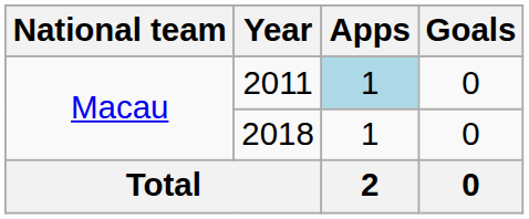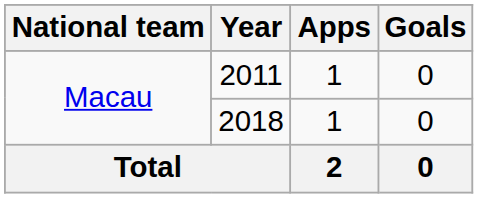 <table class="wikitable" style="text-align:center">
 <tr>
 <th>National team</th>
 <th>Year</th>
 <th>Apps</th>
 <th>Goals</th>
 </tr>
 <tr>
 <td rowspan="2"><a href='#'>Macau</a></td>
 <td>2011</td>
-<td style="background: lightblue;">1</td>
+<td>1</td>
 <td>0</td>
 </tr>
 <tr>
 <td>2018</td>
 <td>1</td>
 <td>0</td>
 </tr>
 <tr>
 <th colspan=2>Total</th>
 <th>2</th>
 <th>0</th>
 </tr>
 </table>
